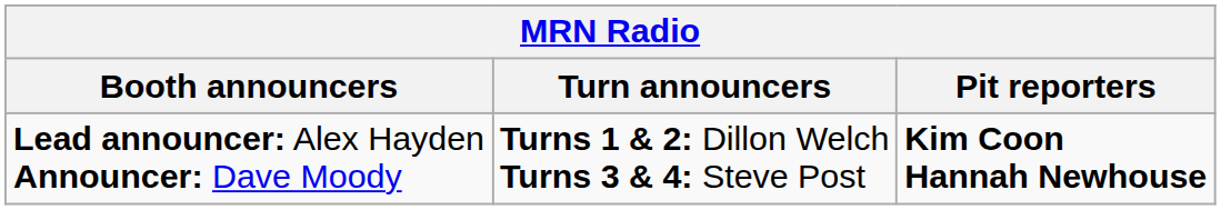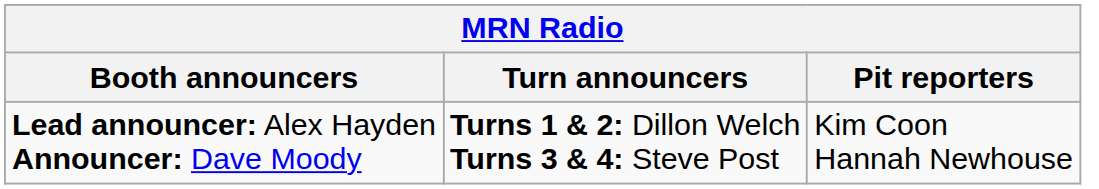 <table class="wikitable">
 <tr>
 <th colspan="3"><a href='#'>MRN Radio</a></th>
 </tr>
 <tr>
 <th>Booth announcers</th>
 <th>Turn announcers</th>
 <th>Pit reporters</th>
 </tr>
 <tr>
 <td><strong>Lead announcer:</strong> Alex Hayden<br><strong>Announcer:</strong> <a href='#'>Dave Moody</a></td>
 <td><strong>Turns 1 & 2:</strong> Dillon Welch<br><strong>Turns 3 & 4:</strong> Steve Post</td>
-<td><strong>Kim Coon<br>Hannah Newhouse</strong></td>
+<td>Kim Coon<br>Hannah Newhouse</td>
 </tr>
 </table>
